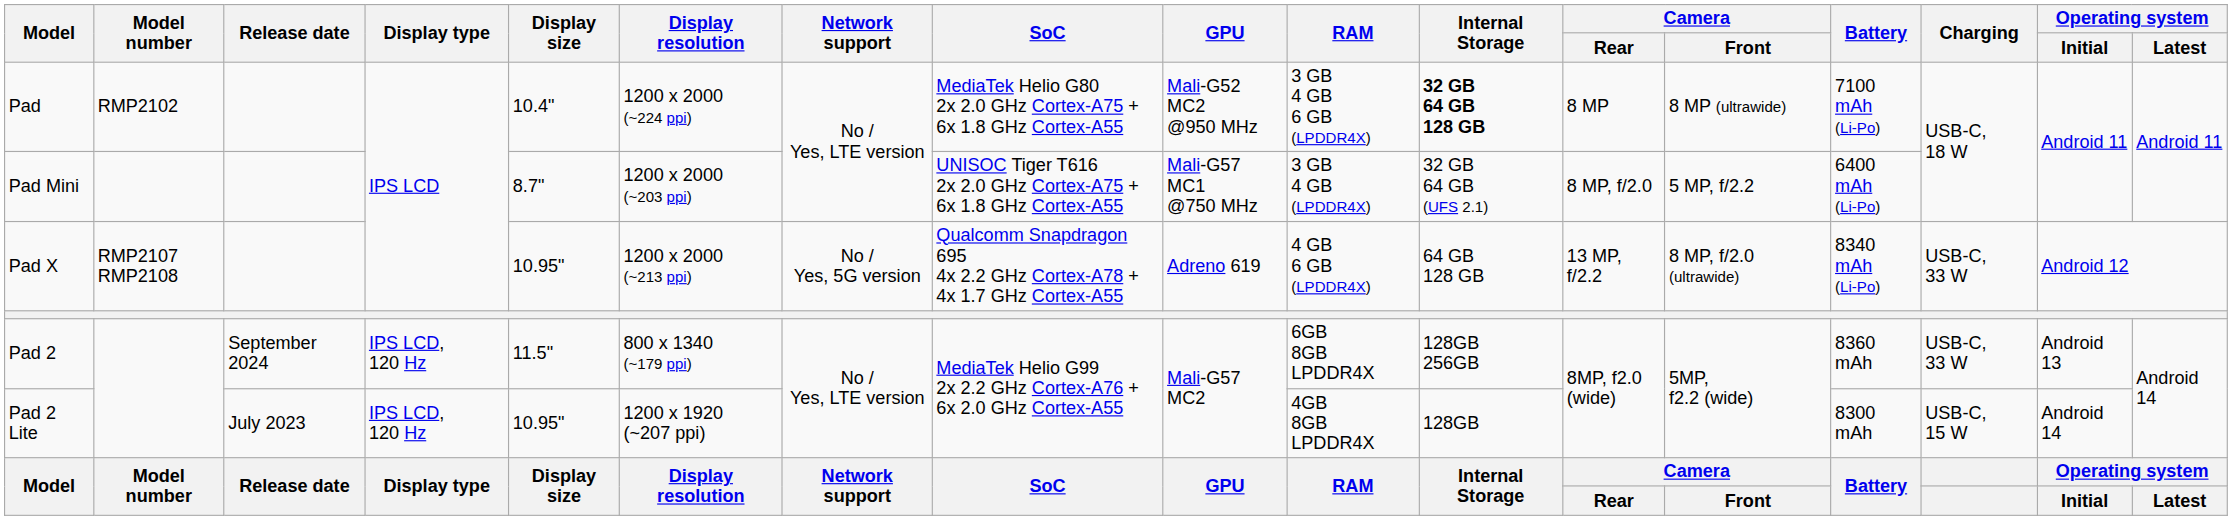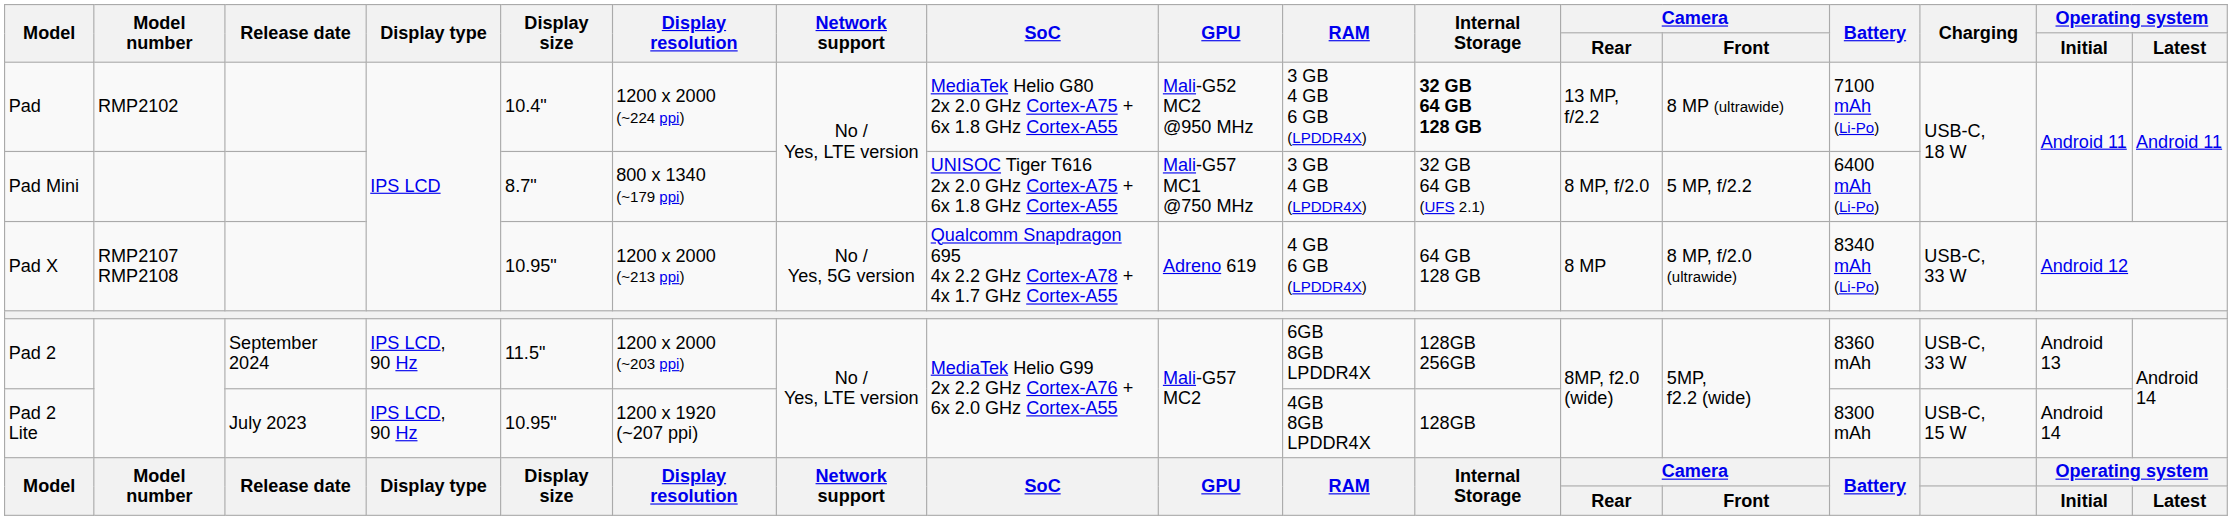 <table class="wikitable sortable mw-collapsible">
 <tr>
 <th rowspan="2">Model</th>
 <th rowspan="2">Model number</th>
 <th rowspan="2">Release date</th>
 <th rowspan="2">Display type</th>
 <th rowspan="2">Display size</th>
 <th rowspan="2"><a href='#'>Display resolution</a></th>
 <th rowspan="2"><a href='#'>Network</a> support</th>
 <th rowspan="2"><a href='#'>SoC</a></th>
 <th rowspan="2"><a href='#'>GPU</a></th>
 <th rowspan="2"><a href='#'>RAM</a></th>
 <th rowspan="2">Internal Storage</th>
 <th colspan="2"><a href='#'>Camera</a></th>
 <th rowspan="2"><a href='#'>Battery</a></th>
 <th rowspan="2">Charging</th>
 <th colspan="2"><a href='#'>Operating system</a></th>
 </tr>
 <tr>
 <th>Rear</th>
 <th>Front</th>
 <th>Initial</th>
 <th>Latest</th>
 </tr>
 <tr>
 <td>Pad</td>
 <td>RMP2102</td>
 <td></td>
 <td rowspan="3"><a href='#'>IPS LCD</a></td>
 <td>10.4"</td>
 <td>1200 x 2000<br><small>(~224 <a href='#'>ppi</a>)</small></td>
 <td rowspan="2" style="text-align:center;">No /<br>Yes, LTE version</td>
 <td><a href='#'>MediaTek</a> Helio G80<br>2x 2.0 GHz <a href='#'>Cortex-A75</a> +<br>6x 1.8 GHz <a href='#'>Cortex-A55</a></td>
 <td><a href='#'>Mali</a>-G52 MC2<br>@950 MHz</td>
 <td>3 GB<br>4 GB<br>6 GB<br><small>(<a href='#'>LPDDR4X</a>)</small></td>
 <td><strong>32 GB<br>64 GB<br>128 GB</strong></td>
-<td>8 MP</td>
+<td>13 MP, f/2.2</td>
 <td>8 MP <small>(ultrawide)</small></td>
 <td>7100 <a href='#'>mAh</a><br><small>(<a href='#'>Li-Po</a>)</small></td>
 <td rowspan="2">USB-C, 18 W</td>
 <td rowspan="2"><a href='#'>Android 11</a></td>
 <td rowspan="2"><a href='#'>Android 11</a></td>
 </tr>
 <tr>
 <td>Pad Mini</td>
 <td></td>
 <td></td>
 <td>8.7"</td>
-<td>1200 x 2000<br><small>(~203 <a href='#'>ppi</a>)</small></td>
+<td>800 x 1340<br><small>(~179 <a href='#'>ppi</a>)</small></td>
 <td><a href='#'>UNISOC</a> Tiger T616<br>2x 2.0 GHz <a href='#'>Cortex-A75</a> +<br>6x 1.8 GHz <a href='#'>Cortex-A55</a></td>
 <td><a href='#'>Mali</a>-G57 MC1<br>@750 MHz</td>
 <td>3 GB<br>4 GB<br><small>(<a href='#'>LPDDR4X</a>)</small></td>
 <td>32 GB<br>64 GB<br><small>(<a href='#'>UFS</a> 2.1)</small></td>
 <td>8 MP, f/2.0</td>
 <td>5 MP, f/2.2</td>
 <td>6400 <a href='#'>mAh</a><br><small>(<a href='#'>Li-Po</a>)</small></td>
 </tr>
 <tr>
 <td>Pad X</td>
 <td>RMP2107<br>RMP2108</td>
 <td></td>
 <td>10.95"</td>
 <td>1200 x 2000<br><small>(~213 <a href='#'>ppi</a>)</small></td>
 <td style="text-align:center;">No /<br>Yes, 5G version</td>
 <td><a href='#'>Qualcomm Snapdragon</a> 695<br>4x 2.2 GHz <a href='#'>Cortex-A78</a> +<br>4x 1.7 GHz <a href='#'>Cortex-A55</a></td>
 <td><a href='#'>Adreno</a> 619</td>
 <td>4 GB<br>6 GB<br><small>(<a href='#'>LPDDR4X</a>)</small></td>
 <td>64 GB<br>128 GB</td>
-<td>13 MP, f/2.2</td>
+<td>8 MP</td>
 <td>8 MP, f/2.0 <small>(ultrawide)</small></td>
 <td>8340 <a href='#'>mAh</a><br><small>(<a href='#'>Li-Po</a>)</small></td>
 <td>USB-C, 33 W</td>
 <td colspan="2"><a href='#'>Android 12</a></td>
 </tr>
 <tr>
 <th colspan="17"></th>
 </tr>
 <tr>
 <td>Pad 2</td>
 <td rowspan="2"></td>
 <td>September 2024</td>
-<td><a href='#'>IPS LCD</a>, 120 <a href='#'>Hz</a></td>
+<td><a href='#'>IPS LCD</a>, 90 <a href='#'>Hz</a></td>
 <td>11.5"</td>
-<td>800 x 1340<br><small>(~179 <a href='#'>ppi</a>)</small></td>
+<td>1200 x 2000<br><small>(~203 <a href='#'>ppi</a>)</small></td>
 <td rowspan="2" style="text-align:center;">No /<br>Yes, LTE version</td>
 <td rowspan="2"><a href='#'>MediaTek</a> Helio G99<br>2x 2.2 GHz <a href='#'>Cortex-A76</a> +<br>6x 2.0 GHz <a href='#'>Cortex-A55</a></td>
 <td rowspan="2"><a href='#'>Mali</a>-G57 MC2</td>
 <td>6GB<br>8GB LPDDR4X</td>
 <td>128GB<br>256GB</td>
 <td rowspan="2">8MP, f2.0<br>(wide)</td>
 <td rowspan="2">5MP,<br>f2.2 (wide)</td>
 <td>8360 mAh</td>
 <td>USB-C, 33 W</td>
 <td>Android 13</td>
 <td rowspan="2">Android 14</td>
 </tr>
 <tr>
 <td>Pad 2 Lite</td>
 <td>July 2023</td>
-<td><a href='#'>IPS LCD</a>, 120 <a href='#'>Hz</a></td>
+<td><a href='#'>IPS LCD</a>, 90 <a href='#'>Hz</a></td>
 <td>10.95"</td>
 <td>1200 x 1920<br>(~207 ppi)</td>
 <td>4GB<br>8GB LPDDR4X</td>
 <td>128GB</td>
 <td>8300<br>mAh</td>
 <td>USB-C, 15 W</td>
 <td>Android<br>14</td>
 </tr>
 <tr>
 <th rowspan="2">Model</th>
 <th rowspan="2">Model number</th>
 <th rowspan="2">Release date</th>
 <th rowspan="2">Display type</th>
 <th rowspan="2">Display size</th>
 <th rowspan="2"><a href='#'>Display resolution</a></th>
 <th rowspan="2"><a href='#'>Network</a> support</th>
 <th rowspan="2"><a href='#'>SoC</a></th>
 <th rowspan="2"><a href='#'>GPU</a></th>
 <th rowspan="2"><a href='#'>RAM</a></th>
 <th rowspan="2">Internal Storage</th>
 <th colspan="2"><a href='#'>Camera</a></th>
 <th rowspan="2"><a href='#'>Battery</a></th>
 <th></th>
 <th colspan="2"><a href='#'>Operating system</a></th>
 </tr>
 <tr>
 <th>Rear</th>
 <th>Front</th>
 <th></th>
 <th>Initial</th>
 <th>Latest</th>
 </tr>
 </table>
